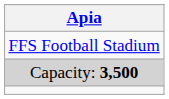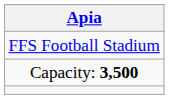 <table class=wikitable align="center" style="text-align:center;">
 <tr>
 </tr>
 <tr>
 <th><a href='#'>Apia</a></th>
 </tr>
 <tr>
 <td><a href='#'>FFS Football Stadium</a></td>
 </tr>
 <tr>
-<td style="background: lightgrey;">Capacity: <strong>3,500</strong></td>
+<td>Capacity: <strong>3,500</strong></td>
 </tr>
 <tr>
 <td></td>
 </tr>
 </table>
